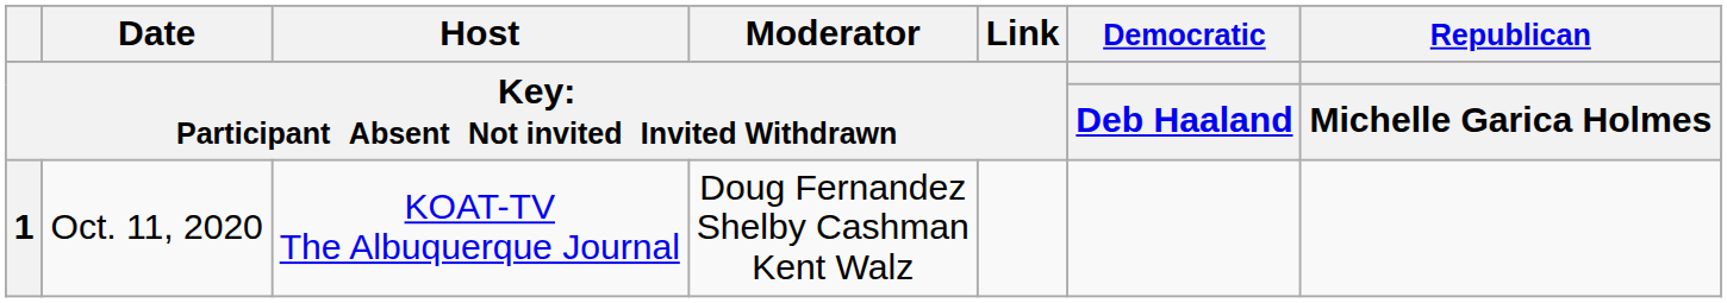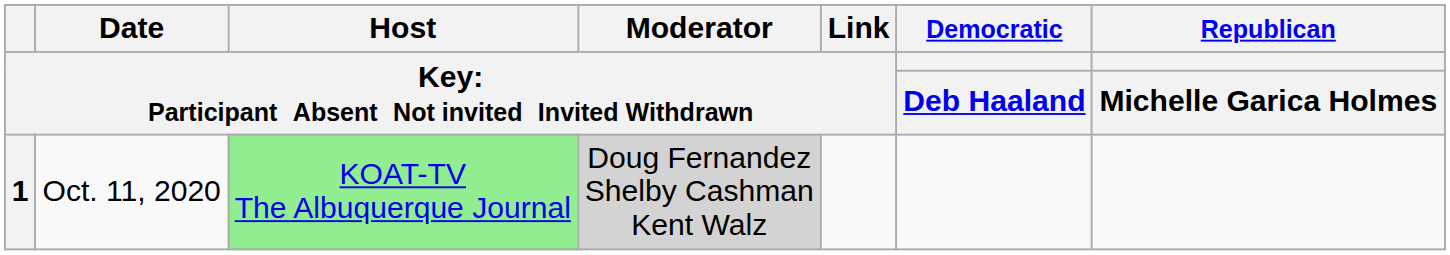 <table class="wikitable" style="text-align:center;">
 <tr>
 <th scope="col"></th>
 <th scope="col">Date</th>
 <th scope="col">Host</th>
 <th scope="col">Moderator</th>
 <th scope="col">Link</th>
 <th scope="col"><small><a href='#'>Democratic</a></small></th>
 <th scope="col"><small><a href='#'>Republican</a></small></th>
 </tr>
 <tr>
 <th colspan="5" rowspan="2">Key:<br> <small>Participant </small>  <small>Absent </small>  <small>Not invited </small>  <small>Invited  Withdrawn</small></th>
 <th scope="col" style="background:"></th>
 <th scope="col" style="background:"></th>
 </tr>
 <tr>
 <th scope="col"><a href='#'>Deb Haaland</a></th>
 <th scope="col">Michelle Garica Holmes</th>
 </tr>
 <tr>
 <th>1</th>
 <td style="white-space:nowrap;">Oct. 11, 2020</td>
-<td style="white-space:nowrap;"><a href='#'>KOAT-TV</a><br><a href='#'>The Albuquerque Journal</a></td>
-<td style="white-space:nowrap;">Doug Fernandez<br>Shelby Cashman<br>Kent Walz</td>
+<td style="background: lightgreen; white-space:nowrap;"><a href='#'>KOAT-TV</a><br><a href='#'>The Albuquerque Journal</a></td>
+<td style="background: lightgrey; white-space:nowrap;">Doug Fernandez<br>Shelby Cashman<br>Kent Walz</td>
 <td style="white-space:nowrap;"></td>
 <td></td>
 <td></td>
 </tr>
 </table>
